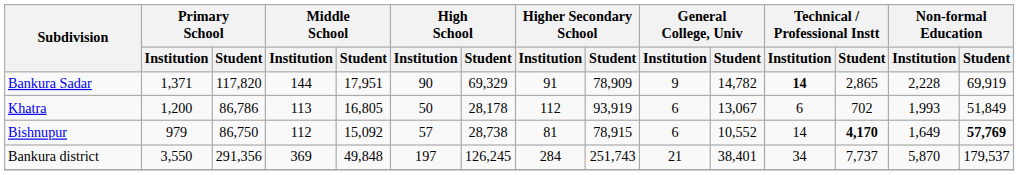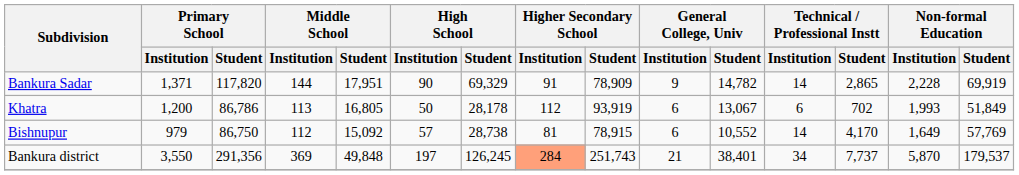 <table class="wikitable" style="text-align:center;font-size: 9pt">
 <tr>
 <th width="110" rowspan="2">Subdivision</th>
 <th colspan="2">Primary<br>School</th>
 <th colspan="2">Middle<br>School</th>
 <th colspan="2">High<br>School</th>
 <th colspan="2">Higher Secondary<br>School</th>
 <th colspan="2">General<br>College, Univ</th>
 <th colspan="2">Technical /<br>Professional Instt</th>
 <th colspan="2">Non-formal<br>Education</th>
 </tr>
 <tr>
 <th width="30">Institution</th>
 <th width="30">Student</th>
 <th width="30">Institution</th>
 <th width="30">Student</th>
 <th width="30">Institution</th>
 <th width="30">Student</th>
 <th width="30">Institution</th>
 <th width="30">Student</th>
 <th width="30">Institution</th>
 <th width="30">Student</th>
 <th width="30">Institution</th>
 <th width="30">Student</th>
 <th width="30">Institution</th>
 <th width="30">Student<br></th>
 </tr>
 <tr>
 <td align=left><a href='#'>Bankura Sadar</a></td>
 <td align="center">1,371</td>
 <td align="center">117,820</td>
 <td align="center">144</td>
 <td align="center">17,951</td>
 <td align="center">90</td>
 <td align="center">69,329</td>
 <td align="center">91</td>
 <td align="center">78,909</td>
 <td align="center">9</td>
 <td align="center">14,782</td>
-<td align="center"><strong>14</strong></td>
+<td align="center">14</td>
 <td align="center">2,865</td>
 <td align="center">2,228</td>
 <td align="center">69,919</td>
 </tr>
 <tr>
 <td align=left><a href='#'>Khatra</a></td>
 <td align="center">1,200</td>
 <td align="center">86,786</td>
 <td align="center">113</td>
 <td align="center">16,805</td>
 <td align="center">50</td>
 <td align="center">28,178</td>
 <td align="center">112</td>
 <td align="center">93,919</td>
 <td align="center">6</td>
 <td align="center">13,067</td>
 <td align="center">6</td>
 <td align="center">702</td>
 <td align="center">1,993</td>
 <td align="center">51,849</td>
 </tr>
 <tr>
 <td align=left><a href='#'>Bishnupur</a></td>
 <td align="center">979</td>
 <td align="center">86,750</td>
 <td align="center">112</td>
 <td align="center">15,092</td>
 <td align="center">57</td>
 <td align="center">28,738</td>
 <td align="center">81</td>
 <td align="center">78,915</td>
 <td align="center">6</td>
 <td align="center">10,552</td>
 <td align="center">14</td>
-<td align="center"><strong>4,170</strong></td>
+<td align="center">4,170</td>
 <td align="center">1,649</td>
-<td align="center"><strong>57,769</strong></td>
+<td align="center">57,769</td>
 </tr>
 <tr>
 <td align=left>Bankura district</td>
 <td align="center">3,550</td>
 <td align="center">291,356</td>
 <td align="center">369</td>
 <td align="center">49,848</td>
 <td align="center">197</td>
 <td align="center">126,245</td>
-<td align="center">284</td>
+<td align="center" style="background: lightsalmon;">284</td>
 <td align="center">251,743</td>
 <td align="center">21</td>
 <td align="center">38,401</td>
 <td align="center">34</td>
 <td align="center">7,737</td>
 <td align="center">5,870</td>
 <td align="center">179,537</td>
 </tr>
 <tr>
 </tr>
 </table>
